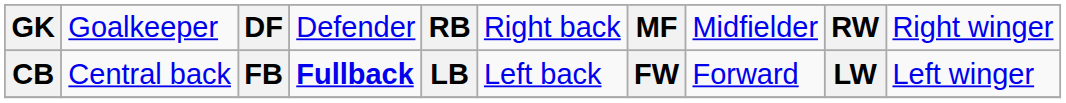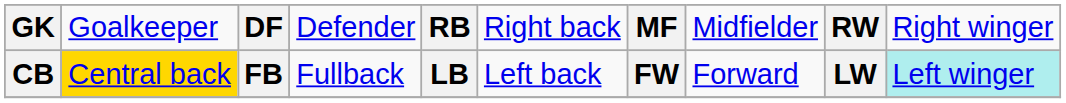 <table class="wikitable">
 <tr>
 <th>GK</th>
 <td><a href='#'>Goalkeeper</a></td>
 <th>DF</th>
 <td><a href='#'>Defender</a></td>
 <th>RB</th>
 <td><a href='#'>Right back</a></td>
 <th>MF</th>
 <td><a href='#'>Midfielder</a></td>
 <th>RW</th>
 <td><a href='#'>Right winger</a></td>
 </tr>
 <tr>
 <th>CB</th>
-<td><a href='#'>Central back</a></td>
+<td style="background: gold;"><a href='#'>Central back</a></td>
 <th>FB</th>
-<td><strong><a href='#'>Fullback</a></strong></td>
+<td><a href='#'>Fullback</a></td>
 <th>LB</th>
 <td><a href='#'>Left back</a></td>
 <th>FW</th>
 <td><a href='#'>Forward</a></td>
 <th>LW</th>
-<td><a href='#'>Left winger</a></td>
+<td style="background: paleturquoise;"><a href='#'>Left winger</a></td>
 </tr>
 <tr>
 </tr>
 </table>
